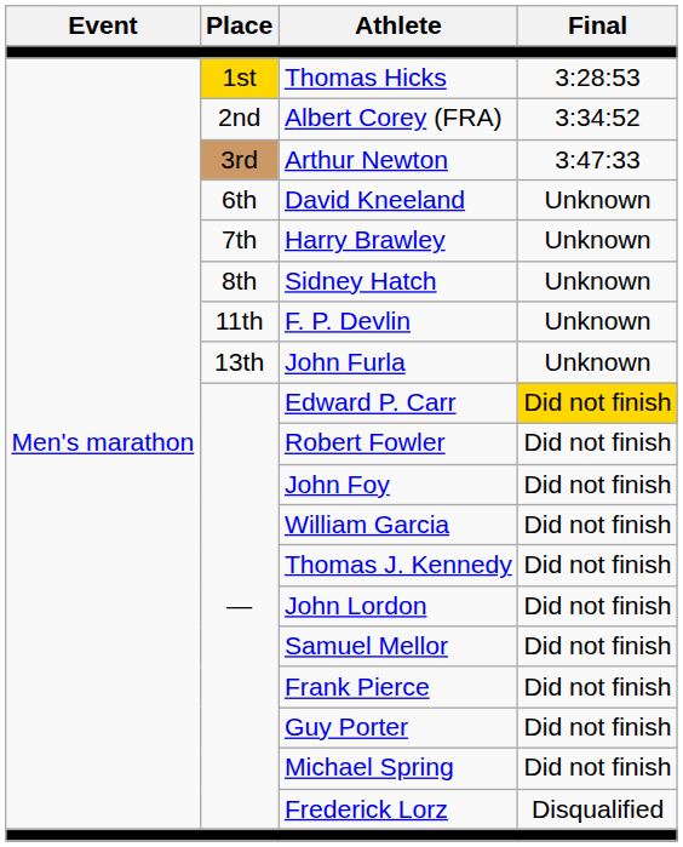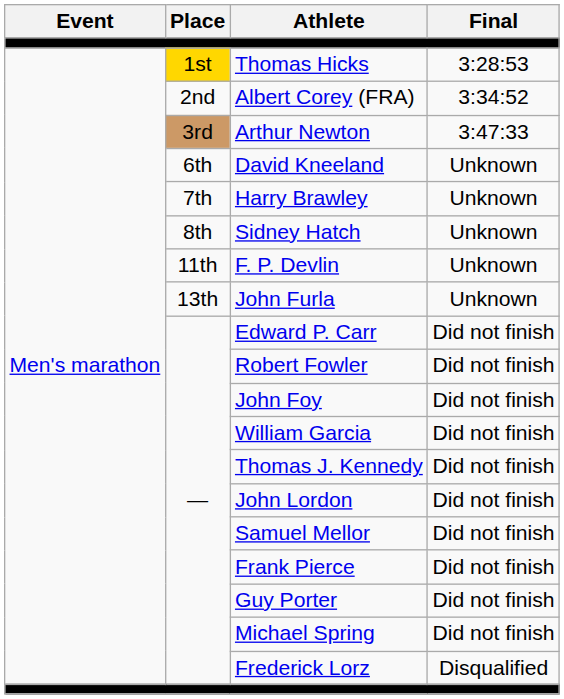 <table class=wikitable>
 <tr>
 <th>Event</th>
 <th>Place</th>
 <th>Athlete</th>
 <th>Final</th>
 </tr>
 <tr bgcolor=black>
 <td colspan=4></td>
 </tr>
 <tr align=center>
 <td rowspan=19><a href='#'>Men's marathon</a></td>
 <td bgcolor=gold>1st</td>
 <td align=left><a href='#'>Thomas Hicks</a></td>
 <td>3:28:53</td>
 </tr>
 <tr align=center>
 <td>2nd</td>
 <td align=left><a href='#'>Albert Corey</a> (FRA)</td>
 <td>3:34:52</td>
 </tr>
 <tr align=center>
 <td bgcolor=cc9966>3rd</td>
 <td align=left><a href='#'>Arthur Newton</a></td>
 <td>3:47:33</td>
 </tr>
 <tr align=center>
 <td>6th</td>
 <td align=left><a href='#'>David Kneeland</a></td>
 <td>Unknown</td>
 </tr>
 <tr align=center>
 <td>7th</td>
 <td align=left><a href='#'>Harry Brawley</a></td>
 <td>Unknown</td>
 </tr>
 <tr align=center>
 <td>8th</td>
 <td align=left><a href='#'>Sidney Hatch</a></td>
 <td>Unknown</td>
 </tr>
 <tr align=center>
 <td>11th</td>
 <td align=left><a href='#'>F. P. Devlin</a></td>
 <td>Unknown</td>
 </tr>
 <tr align=center>
 <td>13th</td>
 <td align=left><a href='#'>John Furla</a></td>
 <td>Unknown</td>
 </tr>
 <tr align=center>
 <td rowspan=11>—</td>
 <td align=left><a href='#'>Edward P. Carr</a></td>
-<td style="background: gold;">Did not finish</td>
+<td>Did not finish</td>
 </tr>
 <tr align=center>
 <td align=left><a href='#'>Robert Fowler</a></td>
 <td>Did not finish</td>
 </tr>
 <tr align=center>
 <td align=left><a href='#'>John Foy</a></td>
 <td>Did not finish</td>
 </tr>
 <tr align=center>
 <td align=left><a href='#'>William Garcia</a></td>
 <td>Did not finish</td>
 </tr>
 <tr align=center>
 <td align=left><a href='#'>Thomas J. Kennedy</a></td>
 <td>Did not finish</td>
 </tr>
 <tr align=center>
 <td align=left><a href='#'>John Lordon</a></td>
 <td>Did not finish</td>
 </tr>
 <tr align=center>
 <td align=left><a href='#'>Samuel Mellor</a></td>
 <td>Did not finish</td>
 </tr>
 <tr align=center>
 <td align=left><a href='#'>Frank Pierce</a></td>
 <td>Did not finish</td>
 </tr>
 <tr align=center>
 <td align=left><a href='#'>Guy Porter</a></td>
 <td>Did not finish</td>
 </tr>
 <tr align=center>
 <td align=left><a href='#'>Michael Spring</a></td>
 <td>Did not finish</td>
 </tr>
 <tr align=center>
 <td align=left><a href='#'>Frederick Lorz</a></td>
 <td>Disqualified</td>
 </tr>
 <tr bgcolor=black>
 <td colspan=4></td>
 </tr>
 </table>
